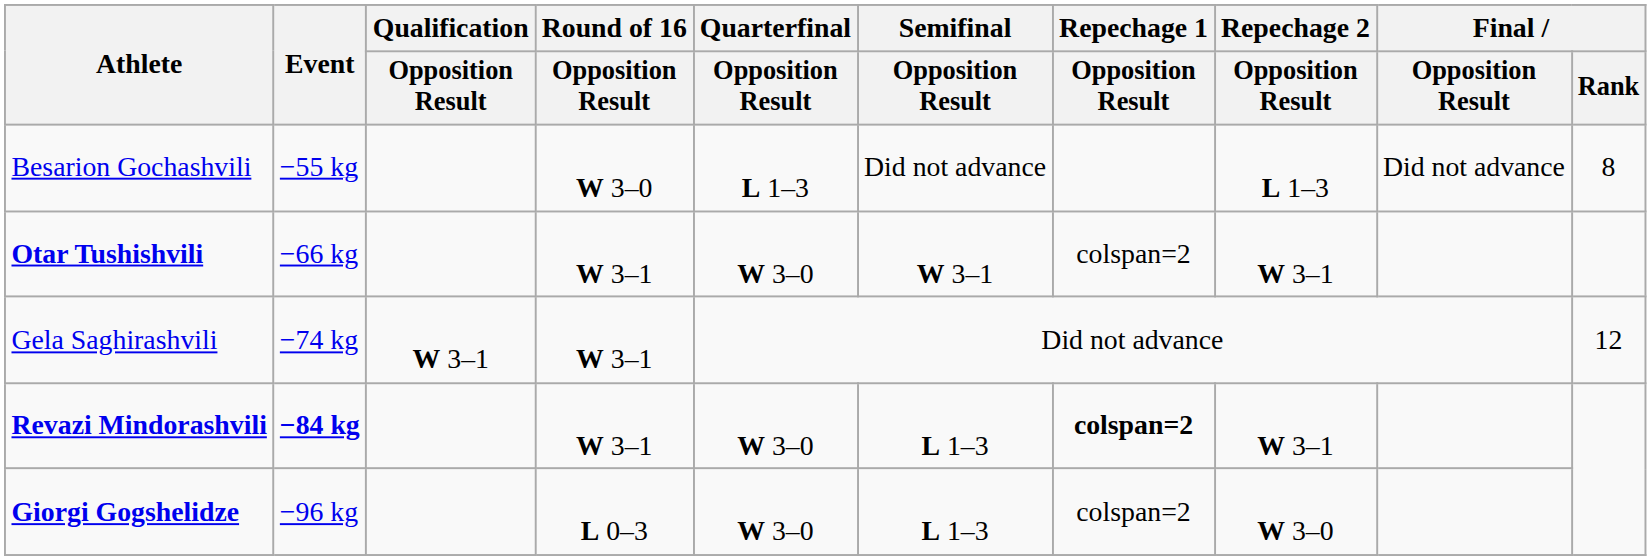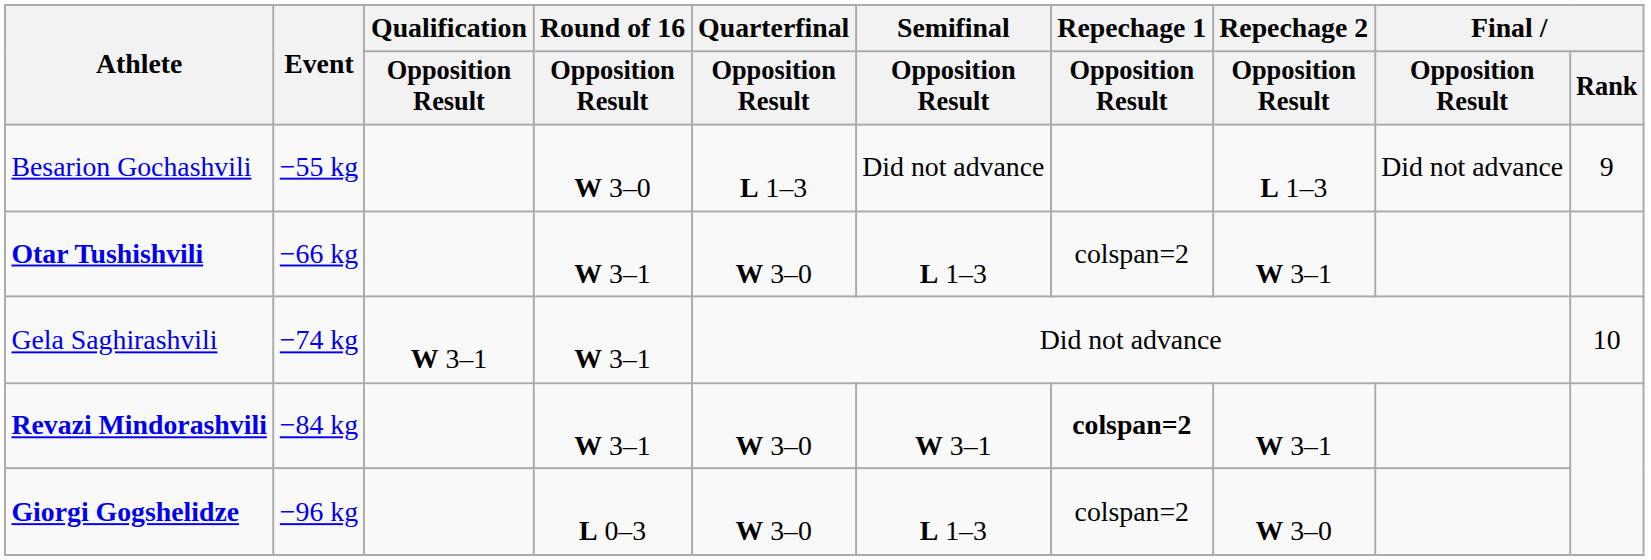 <table class="wikitable" style="font-size:90%">
 <tr>
 <th rowspan="2">Athlete</th>
 <th rowspan="2">Event</th>
 <th>Qualification</th>
 <th>Round of 16</th>
 <th>Quarterfinal</th>
 <th>Semifinal</th>
 <th>Repechage 1</th>
 <th>Repechage 2</th>
 <th colspan=2>Final / </th>
 </tr>
 <tr style="font-size: 95%">
 <th>Opposition<br>Result</th>
 <th>Opposition<br>Result</th>
 <th>Opposition<br>Result</th>
 <th>Opposition<br>Result</th>
 <th>Opposition<br>Result</th>
 <th>Opposition<br>Result</th>
 <th>Opposition<br>Result</th>
 <th>Rank</th>
 </tr>
 <tr align=center>
 <td align=left><a href='#'>Besarion Gochashvili</a></td>
 <td align=left><a href='#'>−55 kg</a></td>
 <td></td>
 <td><br><strong>W</strong> 3–0 <sup></sup></td>
 <td><br><strong>L</strong> 1–3 <sup></sup></td>
 <td>Did not advance</td>
 <td></td>
 <td><br><strong>L</strong> 1–3 <sup></sup></td>
 <td>Did not advance</td>
-<td>8</td>
+<td>9</td>
 </tr>
 <tr align=center>
 <td align=left><strong><a href='#'>Otar Tushishvili</a></strong></td>
 <td align=left><a href='#'>−66 kg</a></td>
 <td></td>
 <td><br><strong>W</strong> 3–1 <sup></sup></td>
 <td><br><strong>W</strong> 3–0 <sup></sup></td>
-<td><br><strong>W</strong> 3–1 <sup></sup></td>
+<td><br><strong>L</strong> 1–3 <sup></sup></td>
 <td>colspan=2 </td>
 <td><br><strong>W</strong> 3–1 <sup></sup></td>
 <td></td>
 </tr>
 <tr align=center>
 <td align=left><a href='#'>Gela Saghirashvili</a></td>
 <td align=left><a href='#'>−74 kg</a></td>
 <td><br><strong>W</strong> 3–1 <sup></sup></td>
 <td><br><strong>W</strong> 3–1 <sup></sup></td>
 <td colspan=5>Did not advance</td>
-<td>12</td>
+<td>10</td>
 </tr>
 <tr align=center>
 <td align=left><strong><a href='#'>Revazi Mindorashvili</a></strong></td>
-<td align=left><strong><a href='#'>−84 kg</a></strong></td>
+<td align=left><a href='#'>−84 kg</a></td>
 <td></td>
 <td><br><strong>W</strong> 3–1 <sup></sup></td>
 <td><br><strong>W</strong> 3–0 <sup></sup></td>
-<td><br><strong>L</strong> 1–3 <sup></sup></td>
+<td><br><strong>W</strong> 3–1 <sup></sup></td>
 <td><strong>colspan=2 </strong></td>
 <td><br><strong>W</strong> 3–1 <sup></sup></td>
 <td></td>
 </tr>
 <tr align=center>
 <td align=left><strong><a href='#'>Giorgi Gogshelidze</a></strong></td>
 <td align=left><a href='#'>−96 kg</a></td>
 <td></td>
 <td><br><strong>L</strong> 0–3 <sup></sup></td>
 <td><br><strong>W</strong> 3–0 <sup></sup></td>
 <td><br><strong>L</strong> 1–3 <sup></sup></td>
 <td>colspan=2 </td>
 <td><br><strong>W</strong> 3–0 <sup></sup></td>
 <td></td>
 </tr>
 </table>
